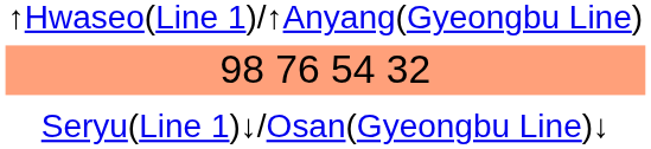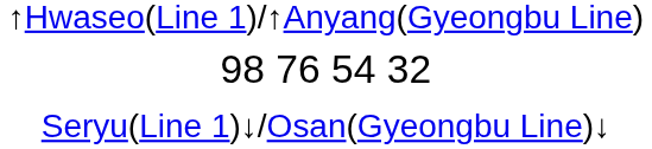 <table style="text-align:center; margin-left:1.5em;">
 <tr>
 <td><small>↑<a href='#'>Hwaseo</a>(<a href='#'>Line 1</a>)/↑<a href='#'>Anyang</a>(<a href='#'>Gyeongbu Line</a>) </small></td>
 </tr>
 <tr>
-<td style="background: lightsalmon;">    <span>98</span>   <span>7</span><span>6</span>   <span>5</span><span>4</span>   <span>32</span>  </td>
+<td>    <span>98</span>   <span>7</span><span>6</span>   <span>5</span><span>4</span>   <span>32</span>  </td>
 </tr>
 <tr>
 <td><small><a href='#'>Seryu</a>(<a href='#'>Line 1</a>)↓/<a href='#'>Osan</a>(<a href='#'>Gyeongbu Line</a>)↓</small></td>
 </tr>
 </table>
